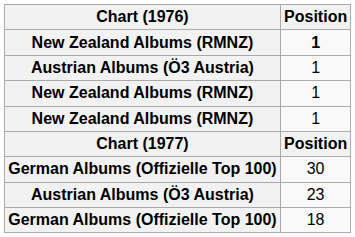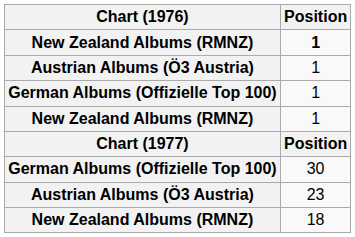 <table class="wikitable sortable plainrowheaders" style="text-align:center">
 <tr>
 <th scope="col">Chart (1976)</th>
 <th scope="col">Position</th>
 </tr>
 <tr>
 <th scope="row">New Zealand Albums (RMNZ)</th>
 <td><strong>1</strong></td>
 </tr>
 <tr>
 <th scope="row">Austrian Albums (Ö3 Austria)</th>
 <td>1</td>
 </tr>
 <tr>
-<th scope="row">New Zealand Albums (RMNZ)</th>
+<th scope="row">German Albums (Offizielle Top 100)</th>
 <td>1</td>
 </tr>
 <tr>
 <th scope="row">New Zealand Albums (RMNZ)</th>
 <td>1</td>
 </tr>
 <tr>
 <th scope="col">Chart (1977)</th>
 <th scope="col">Position</th>
 </tr>
 <tr>
 <th scope="row">German Albums (Offizielle Top 100)</th>
 <td>30</td>
 </tr>
 <tr>
 <th scope="row">Austrian Albums (Ö3 Austria)</th>
 <td>23</td>
 </tr>
 <tr>
-<th scope="row">German Albums (Offizielle Top 100)</th>
+<th scope="row">New Zealand Albums (RMNZ)</th>
 <td>18</td>
 </tr>
 <tr>
 </tr>
 </table>
